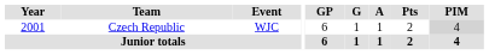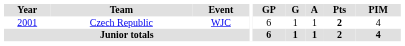 <table border="0" cellpadding="1" cellspacing="0" ID="Table3" style="text-align:center; width:40em">
 <tr ALIGN="center" bgcolor="#e0e0e0">
 <th>Year</th>
 <th>Team</th>
 <th>Event</th>
 <th rowspan="99" bgcolor="#ffffff"></th>
 <th>GP</th>
 <th>G</th>
 <th>A</th>
 <th>Pts</th>
 <th>PIM</th>
 </tr>
 <tr>
 <td><a href='#'>2001</a></td>
 <td><a href='#'>Czech Republic</a></td>
 <td><a href='#'>WJC</a></td>
 <td>6</td>
 <td>1</td>
 <td>1</td>
-<td>2</td>
-<td style="background: lightgrey;">4</td>
+<td><strong>2</strong></td>
+<td>4</td>
 </tr>
 <tr bgcolor="#e0e0e0">
 <th colspan="3">Junior totals</th>
 <th>6</th>
 <th>1</th>
 <th>1</th>
 <th>2</th>
 <th>4</th>
 </tr>
 </table>
